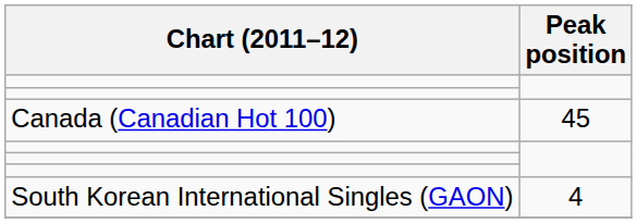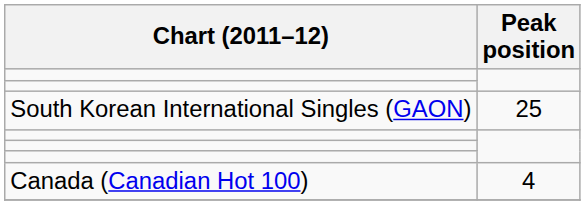 <table class="wikitable sortable">
 <tr>
 <th style="text-align:center;">Chart (2011–12)</th>
 <th style="text-align:center;">Peak<br>position</th>
 </tr>
 <tr>
 <td></td>
 </tr>
 <tr>
 <td></td>
 </tr>
 <tr>
-<td>Canada (<a href='#'>Canadian Hot 100</a>)</td>
-<td style="text-align:center;">45</td>
+<td>South Korean International Singles (<a href='#'>GAON</a>)</td>
+<td style="text-align:center;">25</td>
 </tr>
 <tr>
 <td></td>
 </tr>
 <tr>
 <td></td>
 </tr>
 <tr>
 <td></td>
 </tr>
 <tr>
-<td>South Korean International Singles (<a href='#'>GAON</a>)</td>
+<td>Canada (<a href='#'>Canadian Hot 100</a>)</td>
 <td style="text-align:center;">4</td>
 </tr>
 <tr>
 </tr>
 <tr>
 </tr>
 </table>
